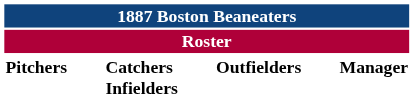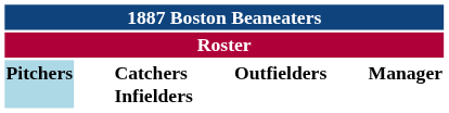 <table class="toccolours" style="font-size: 95%;">
 <tr>
 <th colspan="10" style="background-color: #0f437c; color: white; text-align: center;">1887 Boston Beaneaters</th>
 </tr>
 <tr>
 <td colspan="10" style="background-color: #af0039; color: white; text-align: center;"><strong>Roster</strong></td>
 </tr>
 <tr>
-<td valign="top"><strong>Pitchers</strong><br>   </td>
+<td valign="top" style="background: lightblue;"><strong>Pitchers</strong><br>   </td>
 <td width="25px"></td>
 <td valign="top"><strong>Catchers</strong><br>   <strong>Infielders</strong>     </td>
 <td width="25px"></td>
 <td valign="top"><strong>Outfielders</strong><br>   </td>
 <td width="25px"></td>
 <td valign="top"><strong>Manager</strong><br> </td>
 </tr>
 </table>
